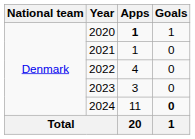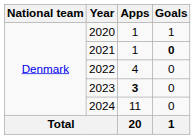 <table class=wikitable style=text-align:center>
 <tr>
 <th>National team</th>
 <th>Year</th>
 <th>Apps</th>
 <th>Goals</th>
 </tr>
 <tr>
 <td rowspan=5><a href='#'>Denmark</a></td>
 <td>2020</td>
-<td><strong>1</strong></td>
+<td>1</td>
 <td>1</td>
 </tr>
 <tr>
 <td>2021</td>
 <td>1</td>
-<td>0</td>
+<td><strong>0</strong></td>
 </tr>
 <tr>
 <td>2022</td>
 <td>4</td>
 <td>0</td>
 </tr>
 <tr>
 <td>2023</td>
-<td>3</td>
+<td><strong>3</strong></td>
 <td>0</td>
 </tr>
 <tr>
 <td>2024</td>
 <td>11</td>
-<td><strong>0</strong></td>
+<td>0</td>
 </tr>
 <tr>
 <th colspan=2>Total</th>
 <th>20</th>
 <th>1</th>
 </tr>
 </table>
